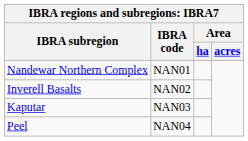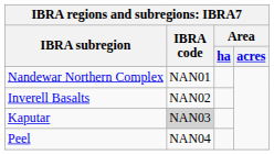 <table class="wikitable sortable">
 <tr>
 <th colspan=5>IBRA regions and subregions: IBRA7</th>
 </tr>
 <tr>
 <th rowspan=2 scope="col">IBRA subregion</th>
 <th rowspan=2 scope="col">IBRA<br>code</th>
 <th colspan=2 scope="col" class=unsortable>Area</th>
 </tr>
 <tr>
 <th><a href='#'>ha</a></th>
 <th><a href='#'>acres</a></th>
 </tr>
 <tr>
 <td><a href='#'>Nandewar Northern Complex</a></td>
 <td align="center">NAN01</td>
 <td></td>
 </tr>
 <tr>
 <td><a href='#'>Inverell Basalts</a></td>
 <td align="center">NAN02</td>
 <td></td>
 </tr>
 <tr>
 <td><a href='#'>Kaputar</a></td>
-<td align="center">NAN03</td>
+<td align="center" style="background: lightgrey;">NAN03</td>
 <td></td>
 </tr>
 <tr>
 <td><a href='#'>Peel</a></td>
 <td align="center">NAN04</td>
 <td></td>
 </tr>
 </table>
